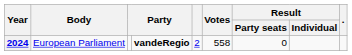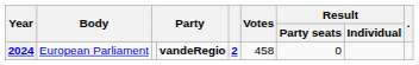 <table class="wikitable plainrowheaders sortable" border=2 cellpadding=4 cellspacing=0 style="border: 1px #aaa solid; font-size: 90%; text-align:center;">
 <tr>
 <th scope="col" rowspan=2>Year</th>
 <th scope="col" rowspan=2>Body</th>
 <th scope="col" colspan=2 rowspan=2>Party</th>
 <th scope="col" rowspan=2></th>
 <th scope="col" rowspan=2>Votes</th>
 <th scope="colgroup" colspan=2>Result</th>
 <th scope="col" rowspan=2>.</th>
 </tr>
 <tr>
 <th scope="col">Party seats</th>
 <th scope="col">Individual</th>
 </tr>
 <tr>
 <th scope="row"><a href='#'>2024</a></th>
 <td><a href='#'>European Parliament</a></td>
 <td style="background-color:"></td>
 <td><strong>vandeRegio</strong></td>
-<td style=text-align:right><a href='#'>2</a></td>
-<td style=text-align:right>558</td>
+<td style=text-align:right><strong><a href='#'>2</a></strong></td>
+<td style=text-align:right>458</td>
 <td style=text-align:right>0</td>
 <td></td>
 <td></td>
 </tr>
 </table>
